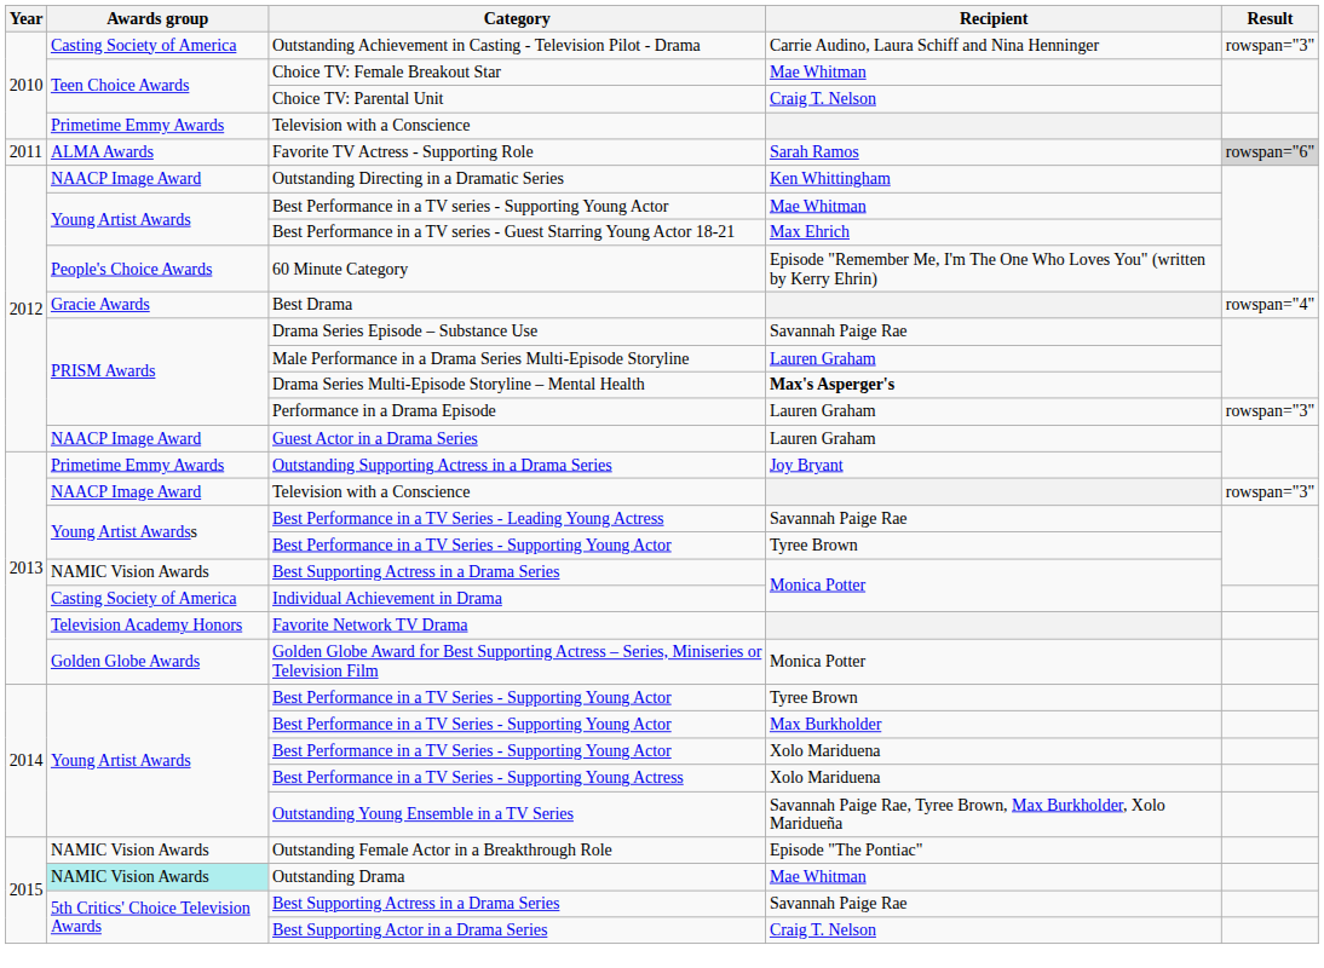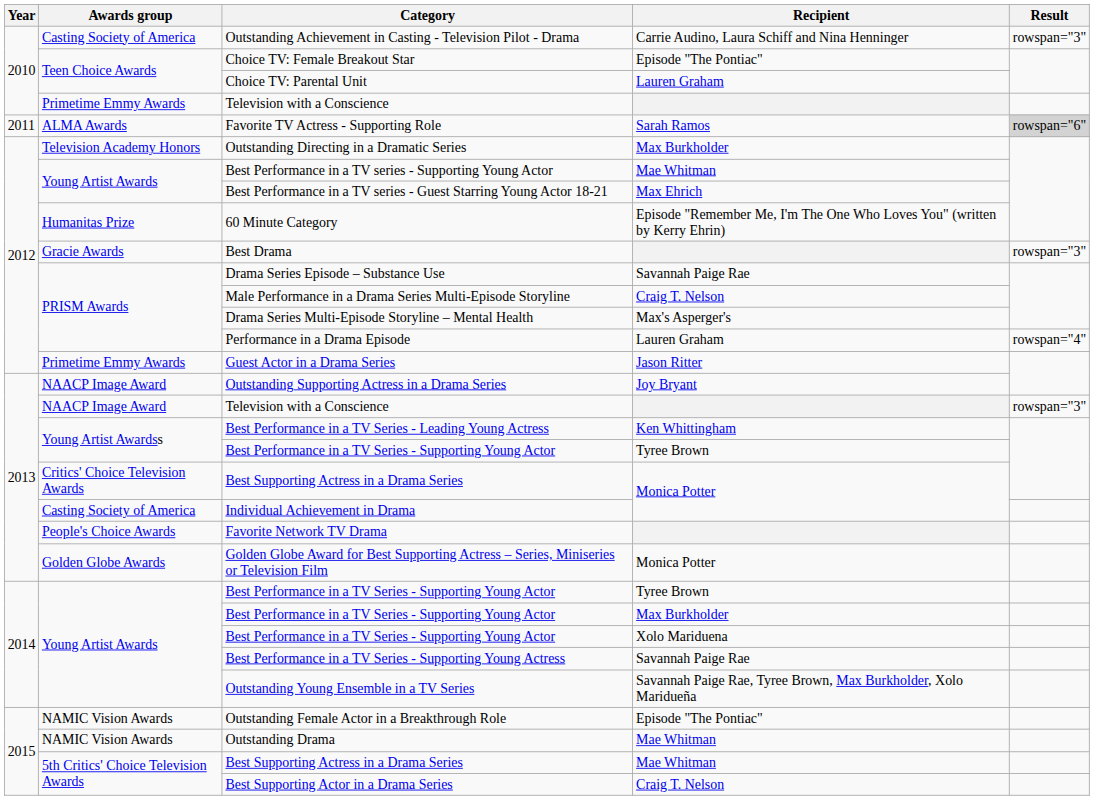 <table class="wikitable">
 <tr>
 <th>Year</th>
 <th>Awards group</th>
 <th>Category</th>
 <th>Recipient</th>
 <th>Result</th>
 </tr>
 <tr>
 <td rowspan="4">2010</td>
 <td><a href='#'>Casting Society of America</a></td>
 <td>Outstanding Achievement in Casting - Television Pilot - Drama</td>
 <td>Carrie Audino, Laura Schiff and Nina Henninger</td>
 <td>rowspan="3" </td>
 </tr>
 <tr>
 <td rowspan="2"><a href='#'>Teen Choice Awards</a></td>
 <td>Choice TV: Female Breakout Star</td>
-<td><a href='#'>Mae Whitman</a></td>
+<td>Episode "The Pontiac"</td>
 </tr>
 <tr>
 <td>Choice TV: Parental Unit</td>
-<td><a href='#'>Craig T. Nelson</a></td>
+<td><a href='#'>Lauren Graham</a></td>
 </tr>
 <tr>
 <td><a href='#'>Primetime Emmy Awards</a></td>
 <td>Television with a Conscience</td>
 <th></th>
 <td></td>
 </tr>
 <tr>
 <td>2011</td>
 <td rowspan="2"><a href='#'>ALMA Awards</a></td>
 <td rowspan="2">Favorite TV Actress - Supporting Role</td>
 <td rowspan="2"><a href='#'>Sarah Ramos</a></td>
 <td style="background: lightgrey;">rowspan="6" </td>
 </tr>
 <tr>
 <td rowspan="11">2012</td>
 </tr>
 <tr>
-<td><a href='#'>NAACP Image Award</a></td>
+<td><a href='#'>Television Academy Honors</a></td>
 <td>Outstanding Directing in a Dramatic Series</td>
-<td><a href='#'>Ken Whittingham</a></td>
+<td><a href='#'>Max Burkholder</a></td>
 </tr>
 <tr>
 <td rowspan="2"><a href='#'>Young Artist Awards</a></td>
 <td>Best Performance in a TV series - Supporting Young Actor</td>
 <td><a href='#'>Mae Whitman</a></td>
 </tr>
 <tr>
 <td>Best Performance in a TV series - Guest Starring Young Actor 18-21</td>
 <td><a href='#'>Max Ehrich</a></td>
 </tr>
 <tr>
-<td><a href='#'>People's Choice Awards</a></td>
+<td><a href='#'>Humanitas Prize</a></td>
 <td>60 Minute Category</td>
 <td>Episode "Remember Me, I'm The One Who Loves You" (written by Kerry Ehrin)</td>
 </tr>
 <tr>
 <td><a href='#'>Gracie Awards</a></td>
 <td>Best Drama</td>
 <th></th>
-<td>rowspan="4" </td>
+<td>rowspan="3" </td>
 </tr>
 <tr>
 <td rowspan="4"><a href='#'>PRISM Awards</a></td>
 <td>Drama Series Episode – Substance Use</td>
 <td>Savannah Paige Rae</td>
 </tr>
 <tr>
 <td>Male Performance in a Drama Series Multi-Episode Storyline</td>
-<td><a href='#'>Lauren Graham</a></td>
+<td><a href='#'>Craig T. Nelson</a></td>
 </tr>
 <tr>
 <td>Drama Series Multi-Episode Storyline – Mental Health</td>
-<td><strong>Max's Asperger's</strong></td>
+<td>Max's Asperger's</td>
 </tr>
 <tr>
 <td>Performance in a Drama Episode</td>
 <td>Lauren Graham</td>
-<td>rowspan="3" </td>
+<td>rowspan="4" </td>
 </tr>
 <tr>
-<td><a href='#'>NAACP Image Award</a></td>
+<td><a href='#'>Primetime Emmy Awards</a></td>
 <td><a href='#'>Guest Actor in a Drama Series</a></td>
-<td>Lauren Graham</td>
+<td><a href='#'>Jason Ritter</a></td>
 </tr>
 <tr>
 <td rowspan=8>2013</td>
-<td><a href='#'>Primetime Emmy Awards</a></td>
+<td><a href='#'>NAACP Image Award</a></td>
 <td><a href='#'>Outstanding Supporting Actress in a Drama Series</a></td>
 <td><a href='#'>Joy Bryant</a></td>
 </tr>
 <tr>
 <td><a href='#'>NAACP Image Award</a></td>
 <td>Television with a Conscience</td>
 <th></th>
 <td>rowspan="3" </td>
 </tr>
 <tr>
 <td rowspan="2"><a href='#'>Young Artist Awards</a>s</td>
 <td><a href='#'>Best Performance in a TV Series - Leading Young Actress</a></td>
-<td>Savannah Paige Rae</td>
+<td><a href='#'>Ken Whittingham</a></td>
 </tr>
 <tr>
 <td><a href='#'>Best Performance in a TV Series - Supporting Young Actor</a></td>
 <td>Tyree Brown</td>
 </tr>
 <tr>
-<td>NAMIC Vision Awards</td>
+<td><a href='#'>Critics' Choice Television Awards</a></td>
 <td><a href='#'>Best Supporting Actress in a Drama Series</a></td>
 <td rowspan="2"><a href='#'>Monica Potter</a></td>
 </tr>
 <tr>
 <td><a href='#'>Casting Society of America</a></td>
 <td><a href='#'>Individual Achievement in Drama</a></td>
 <td></td>
 </tr>
 <tr>
-<td><a href='#'>Television Academy Honors</a></td>
+<td><a href='#'>People's Choice Awards</a></td>
 <td><a href='#'>Favorite Network TV Drama</a></td>
 <th></th>
 <td></td>
 </tr>
 <tr>
 <td><a href='#'>Golden Globe Awards</a></td>
 <td><a href='#'>Golden Globe Award for Best Supporting Actress – Series, Miniseries or Television Film</a></td>
 <td>Monica Potter</td>
 <td></td>
 </tr>
 <tr>
 <td rowspan="5">2014</td>
 <td rowspan="5"><a href='#'>Young Artist Awards</a></td>
 <td><a href='#'>Best Performance in a TV Series - Supporting Young Actor</a></td>
 <td>Tyree Brown</td>
 <td></td>
 </tr>
 <tr>
 <td><a href='#'>Best Performance in a TV Series - Supporting Young Actor</a></td>
 <td><a href='#'>Max Burkholder</a></td>
 <td></td>
 </tr>
 <tr>
 <td><a href='#'>Best Performance in a TV Series - Supporting Young Actor</a></td>
 <td>Xolo Mariduena</td>
 <td></td>
 </tr>
 <tr>
 <td><a href='#'>Best Performance in a TV Series - Supporting Young Actress</a></td>
-<td>Xolo Mariduena</td>
+<td>Savannah Paige Rae</td>
 <td></td>
 </tr>
 <tr>
 <td><a href='#'>Outstanding Young Ensemble in a TV Series</a></td>
 <td>Savannah Paige Rae, Tyree Brown, <a href='#'>Max Burkholder</a>, Xolo Maridueña</td>
 <td></td>
 </tr>
 <tr>
 <td rowspan="4">2015</td>
 <td>NAMIC Vision Awards</td>
 <td>Outstanding Female Actor in a Breakthrough Role</td>
 <td>Episode "The Pontiac"</td>
 <td></td>
 </tr>
 <tr>
-<td style="background: paleturquoise;">NAMIC Vision Awards</td>
+<td>NAMIC Vision Awards</td>
 <td>Outstanding Drama</td>
 <td><a href='#'>Mae Whitman</a></td>
 <td></td>
 </tr>
 <tr>
 <td rowspan="2"><a href='#'>5th Critics' Choice Television Awards</a></td>
 <td><a href='#'>Best Supporting Actress in a Drama Series</a></td>
-<td>Savannah Paige Rae</td>
+<td><a href='#'>Mae Whitman</a></td>
 <td></td>
 </tr>
 <tr>
 <td><a href='#'>Best Supporting Actor in a Drama Series</a></td>
 <td><a href='#'>Craig T. Nelson</a></td>
 <td></td>
 </tr>
 </table>
